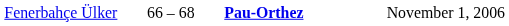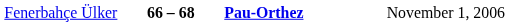 <table style="text-align:center">
 <tr>
 <th width=160></th>
 <th width=100></th>
 <th width=160></th>
 <th width=200></th>
 </tr>
 <tr>
 <td align=right><a href='#'>Fenerbahçe Ülker</a> </td>
-<td>66 – 68</td>
+<td><strong>66 – 68</strong></td>
 <td align=left> <strong><a href='#'>Pau-Orthez</a></strong></td>
 <td align=left>November 1, 2006</td>
 </tr>
 </table>
